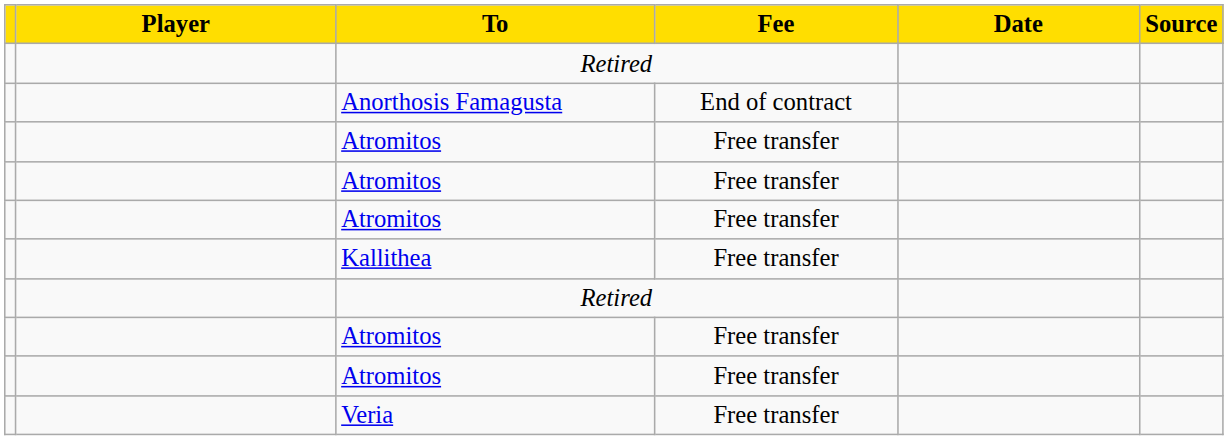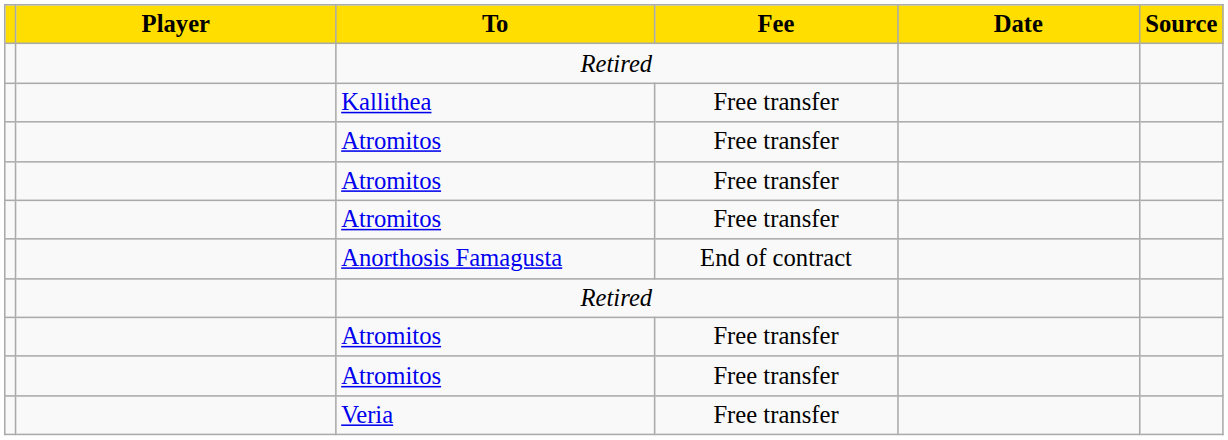 <table class="wikitable sortable">
 <tr>
 <th style="background:#FFDE00"></th>
 <th width=200 style="background:#FFDE00">Player</th>
 <th width=200 style="background:#FFDE00">To</th>
 <th width=150 style="background:#FFDE00">Fee</th>
 <th width=150 style="background:#FFDE00">Date</th>
 <th style="background:#FFDE00">Source</th>
 </tr>
 <tr>
 <td align=center></td>
 <td></td>
 <td align=center colspan=2><em>Retired</em></td>
 <td align=center></td>
 <td align=center></td>
 </tr>
 <tr>
 <td align=center></td>
 <td></td>
-<td> <a href='#'>Anorthosis Famagusta</a></td>
-<td align=center>End of contract</td>
+<td> <a href='#'>Kallithea</a></td>
+<td align=center>Free transfer</td>
 <td align=center></td>
 <td align=center></td>
 </tr>
 <tr>
 <td align=center></td>
 <td></td>
 <td> <a href='#'>Atromitos</a></td>
 <td align=center>Free transfer</td>
 <td align=center></td>
 <td align=center></td>
 </tr>
 <tr>
 <td align=center></td>
 <td></td>
 <td> <a href='#'>Atromitos</a></td>
 <td align=center>Free transfer</td>
 <td align=center></td>
 <td align=center></td>
 </tr>
 <tr>
 <td align=center></td>
 <td></td>
 <td> <a href='#'>Atromitos</a></td>
 <td align=center>Free transfer</td>
 <td align=center></td>
 <td align=center></td>
 </tr>
 <tr>
 <td align=center></td>
 <td></td>
-<td> <a href='#'>Kallithea</a></td>
-<td align=center>Free transfer</td>
+<td> <a href='#'>Anorthosis Famagusta</a></td>
+<td align=center>End of contract</td>
 <td align=center></td>
 <td align=center></td>
 </tr>
 <tr>
 <td align=center></td>
 <td></td>
 <td align=center colspan=2><em>Retired</em></td>
 <td align=center></td>
 <td align=center></td>
 </tr>
 <tr>
 <td align=center></td>
 <td></td>
 <td> <a href='#'>Atromitos</a></td>
 <td align=center>Free transfer</td>
 <td align=center></td>
 <td align=center></td>
 </tr>
 <tr>
 <td align=center></td>
 <td></td>
 <td> <a href='#'>Atromitos</a></td>
 <td align=center>Free transfer</td>
 <td align=center></td>
 <td align=center></td>
 </tr>
 <tr>
 <td align=center></td>
 <td></td>
 <td> <a href='#'>Veria</a></td>
 <td align=center>Free transfer</td>
 <td align=center></td>
 <td align=center></td>
 </tr>
 </table>
